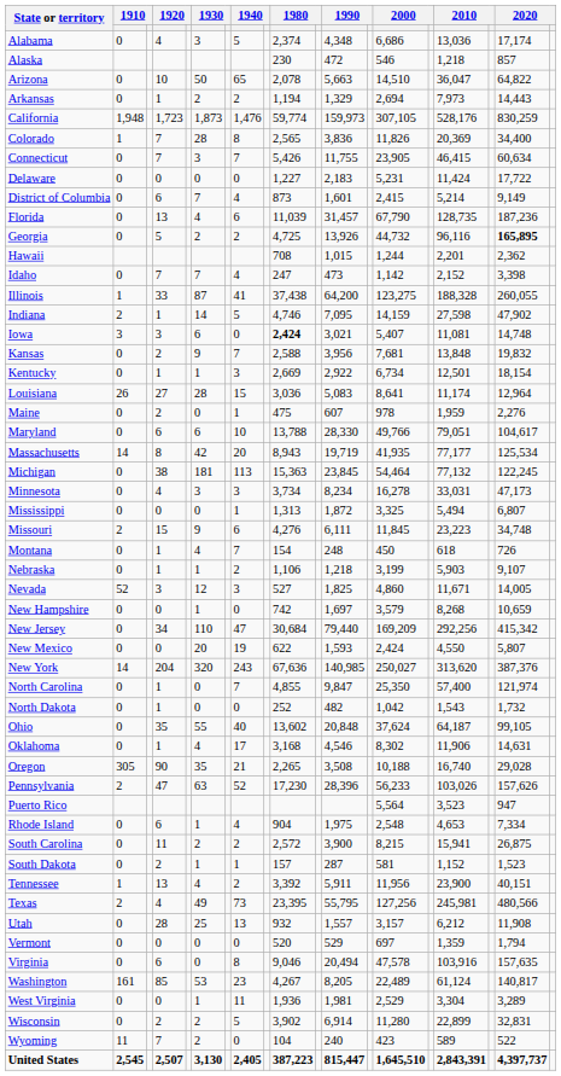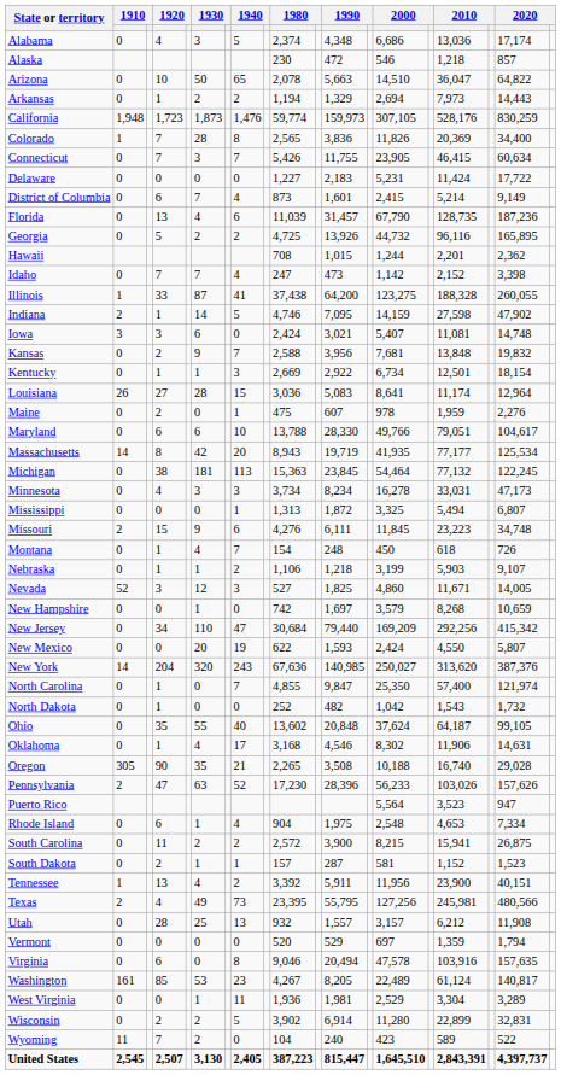 <table class="wikitable collapsible sortable">
 <tr>
 <th rowspan="2"><a href='#'>State</a> or <a href='#'>territory</a></th>
 <th colspan="2"><a href='#'>1910</a></th>
 <th colspan="2"><a href='#'>1920</a></th>
 <th colspan="2"><a href='#'>1930</a></th>
 <th colspan="2"><a href='#'>1940</a></th>
 <th colspan="2"><a href='#'>1980</a></th>
 <th colspan="2"><a href='#'>1990</a></th>
 <th colspan="2"><a href='#'>2000</a></th>
 <th colspan="2"><a href='#'>2010</a></th>
 <th colspan="2"><a href='#'>2020</a></th>
 </tr>
 <tr>
 <th><a href='#'></a></th>
 <th></th>
 <th><a href='#'></a></th>
 <th></th>
 <th><a href='#'></a></th>
 <th></th>
 <th><a href='#'></a></th>
 <th></th>
 <th><a href='#'></a></th>
 <th></th>
 <th><a href='#'></a></th>
 <th></th>
 <th><a href='#'></a></th>
 <th></th>
 <th><a href='#'></a></th>
 <th></th>
 <th><a href='#'></a></th>
 <th></th>
 </tr>
 <tr>
 <td> <a href='#'>Alabama</a></td>
 <td>0</td>
 <td></td>
 <td>4</td>
 <td></td>
 <td>3</td>
 <td></td>
 <td>5</td>
 <td></td>
 <td>2,374</td>
 <td></td>
 <td>4,348</td>
 <td></td>
 <td>6,686</td>
 <td></td>
 <td>13,036</td>
 <td></td>
 <td>17,174</td>
 <td></td>
 </tr>
 <tr>
 <td> <a href='#'>Alaska</a></td>
 <td></td>
 <td></td>
 <td></td>
 <td></td>
 <td></td>
 <td></td>
 <td></td>
 <td></td>
 <td>230</td>
 <td></td>
 <td>472</td>
 <td></td>
 <td>546</td>
 <td></td>
 <td>1,218</td>
 <td></td>
 <td>857</td>
 <td></td>
 </tr>
 <tr>
 <td> <a href='#'>Arizona</a></td>
 <td>0</td>
 <td></td>
 <td>10</td>
 <td></td>
 <td>50</td>
 <td></td>
 <td>65</td>
 <td></td>
 <td>2,078</td>
 <td></td>
 <td>5,663</td>
 <td></td>
 <td>14,510</td>
 <td></td>
 <td>36,047</td>
 <td></td>
 <td>64,822</td>
 <td></td>
 </tr>
 <tr>
 <td> <a href='#'>Arkansas</a></td>
 <td>0</td>
 <td></td>
 <td>1</td>
 <td></td>
 <td>2</td>
 <td></td>
 <td>2</td>
 <td></td>
 <td>1,194</td>
 <td></td>
 <td>1,329</td>
 <td></td>
 <td>2,694</td>
 <td></td>
 <td>7,973</td>
 <td></td>
 <td>14,443</td>
 <td></td>
 </tr>
 <tr>
 <td> <a href='#'>California</a></td>
 <td>1,948</td>
 <td></td>
 <td>1,723</td>
 <td></td>
 <td>1,873</td>
 <td></td>
 <td>1,476</td>
 <td></td>
 <td>59,774</td>
 <td></td>
 <td>159,973</td>
 <td></td>
 <td>307,105</td>
 <td></td>
 <td>528,176</td>
 <td></td>
 <td>830,259</td>
 <td></td>
 </tr>
 <tr>
 <td> <a href='#'>Colorado</a></td>
 <td>1</td>
 <td></td>
 <td>7</td>
 <td></td>
 <td>28</td>
 <td></td>
 <td>8</td>
 <td></td>
 <td>2,565</td>
 <td></td>
 <td>3,836</td>
 <td></td>
 <td>11,826</td>
 <td></td>
 <td>20,369</td>
 <td></td>
 <td>34,400</td>
 <td></td>
 </tr>
 <tr>
 <td> <a href='#'>Connecticut</a></td>
 <td>0</td>
 <td></td>
 <td>7</td>
 <td></td>
 <td>3</td>
 <td></td>
 <td>7</td>
 <td></td>
 <td>5,426</td>
 <td></td>
 <td>11,755</td>
 <td></td>
 <td>23,905</td>
 <td></td>
 <td>46,415</td>
 <td></td>
 <td>60,634</td>
 <td></td>
 </tr>
 <tr>
 <td> <a href='#'>Delaware</a></td>
 <td>0</td>
 <td></td>
 <td>0</td>
 <td></td>
 <td>0</td>
 <td></td>
 <td>0</td>
 <td></td>
 <td>1,227</td>
 <td></td>
 <td>2,183</td>
 <td></td>
 <td>5,231</td>
 <td></td>
 <td>11,424</td>
 <td></td>
 <td>17,722</td>
 <td></td>
 </tr>
 <tr>
 <td> <a href='#'>District of Columbia</a></td>
 <td>0</td>
 <td></td>
 <td>6</td>
 <td></td>
 <td>7</td>
 <td></td>
 <td>4</td>
 <td></td>
 <td>873</td>
 <td></td>
 <td>1,601</td>
 <td></td>
 <td>2,415</td>
 <td></td>
 <td>5,214</td>
 <td></td>
 <td>9,149</td>
 <td></td>
 </tr>
 <tr>
 <td> <a href='#'>Florida</a></td>
 <td>0</td>
 <td></td>
 <td>13</td>
 <td></td>
 <td>4</td>
 <td></td>
 <td>6</td>
 <td></td>
 <td>11,039</td>
 <td></td>
 <td>31,457</td>
 <td></td>
 <td>67,790</td>
 <td></td>
 <td>128,735</td>
 <td></td>
 <td>187,236</td>
 <td></td>
 </tr>
 <tr>
 <td> <a href='#'>Georgia</a></td>
 <td>0</td>
 <td></td>
 <td>5</td>
 <td></td>
 <td>2</td>
 <td></td>
 <td>2</td>
 <td></td>
 <td>4,725</td>
 <td></td>
 <td>13,926</td>
 <td></td>
 <td>44,732</td>
 <td></td>
 <td>96,116</td>
 <td></td>
-<td><strong>165,895</strong></td>
+<td>165,895</td>
 <td></td>
 </tr>
 <tr>
 <td> <a href='#'>Hawaii</a></td>
 <td></td>
 <td></td>
 <td></td>
 <td></td>
 <td></td>
 <td></td>
 <td></td>
 <td></td>
 <td>708</td>
 <td></td>
 <td>1,015</td>
 <td></td>
 <td>1,244</td>
 <td></td>
 <td>2,201</td>
 <td></td>
 <td>2,362</td>
 <td></td>
 </tr>
 <tr>
 <td> <a href='#'>Idaho</a></td>
 <td>0</td>
 <td></td>
 <td>7</td>
 <td></td>
 <td>7</td>
 <td></td>
 <td>4</td>
 <td></td>
 <td>247</td>
 <td></td>
 <td>473</td>
 <td></td>
 <td>1,142</td>
 <td></td>
 <td>2,152</td>
 <td></td>
 <td>3,398</td>
 <td></td>
 </tr>
 <tr>
 <td> <a href='#'>Illinois</a></td>
 <td>1</td>
 <td></td>
 <td>33</td>
 <td></td>
 <td>87</td>
 <td></td>
 <td>41</td>
 <td></td>
 <td>37,438</td>
 <td></td>
 <td>64,200</td>
 <td></td>
 <td>123,275</td>
 <td></td>
 <td>188,328</td>
 <td></td>
 <td>260,055</td>
 <td></td>
 </tr>
 <tr>
 <td> <a href='#'>Indiana</a></td>
 <td>2</td>
 <td></td>
 <td>1</td>
 <td></td>
 <td>14</td>
 <td></td>
 <td>5</td>
 <td></td>
 <td>4,746</td>
 <td></td>
 <td>7,095</td>
 <td></td>
 <td>14,159</td>
 <td></td>
 <td>27,598</td>
 <td></td>
 <td>47,902</td>
 <td></td>
 </tr>
 <tr>
 <td> <a href='#'>Iowa</a></td>
 <td>3</td>
 <td></td>
 <td>3</td>
 <td></td>
 <td>6</td>
 <td></td>
 <td>0</td>
 <td></td>
-<td><strong>2,424</strong></td>
+<td>2,424</td>
 <td></td>
 <td>3,021</td>
 <td></td>
 <td>5,407</td>
 <td></td>
 <td>11,081</td>
 <td></td>
 <td>14,748</td>
 <td></td>
 </tr>
 <tr>
 <td> <a href='#'>Kansas</a></td>
 <td>0</td>
 <td></td>
 <td>2</td>
 <td></td>
 <td>9</td>
 <td></td>
 <td>7</td>
 <td></td>
 <td>2,588</td>
 <td></td>
 <td>3,956</td>
 <td></td>
 <td>7,681</td>
 <td></td>
 <td>13,848</td>
 <td></td>
 <td>19,832</td>
 <td></td>
 </tr>
 <tr>
 <td> <a href='#'>Kentucky</a></td>
 <td>0</td>
 <td></td>
 <td>1</td>
 <td></td>
 <td>1</td>
 <td></td>
 <td>3</td>
 <td></td>
 <td>2,669</td>
 <td></td>
 <td>2,922</td>
 <td></td>
 <td>6,734</td>
 <td></td>
 <td>12,501</td>
 <td></td>
 <td>18,154</td>
 <td></td>
 </tr>
 <tr>
 <td> <a href='#'>Louisiana</a></td>
 <td>26</td>
 <td></td>
 <td>27</td>
 <td></td>
 <td>28</td>
 <td></td>
 <td>15</td>
 <td></td>
 <td>3,036</td>
 <td></td>
 <td>5,083</td>
 <td></td>
 <td>8,641</td>
 <td></td>
 <td>11,174</td>
 <td></td>
 <td>12,964</td>
 <td></td>
 </tr>
 <tr>
 <td> <a href='#'>Maine</a></td>
 <td>0</td>
 <td></td>
 <td>2</td>
 <td></td>
 <td>0</td>
 <td></td>
 <td>1</td>
 <td></td>
 <td>475</td>
 <td></td>
 <td>607</td>
 <td></td>
 <td>978</td>
 <td></td>
 <td>1,959</td>
 <td></td>
 <td>2,276</td>
 <td></td>
 </tr>
 <tr>
 <td> <a href='#'>Maryland</a></td>
 <td>0</td>
 <td></td>
 <td>6</td>
 <td></td>
 <td>6</td>
 <td></td>
 <td>10</td>
 <td></td>
 <td>13,788</td>
 <td></td>
 <td>28,330</td>
 <td></td>
 <td>49,766</td>
 <td></td>
 <td>79,051</td>
 <td></td>
 <td>104,617</td>
 <td></td>
 </tr>
 <tr>
 <td> <a href='#'>Massachusetts</a></td>
 <td>14</td>
 <td></td>
 <td>8</td>
 <td></td>
 <td>42</td>
 <td></td>
 <td>20</td>
 <td></td>
 <td>8,943</td>
 <td></td>
 <td>19,719</td>
 <td></td>
 <td>41,935</td>
 <td></td>
 <td>77,177</td>
 <td></td>
 <td>125,534</td>
 <td></td>
 </tr>
 <tr>
 <td> <a href='#'>Michigan</a></td>
 <td>0</td>
 <td></td>
 <td>38</td>
 <td></td>
 <td>181</td>
 <td></td>
 <td>113</td>
 <td></td>
 <td>15,363</td>
 <td></td>
 <td>23,845</td>
 <td></td>
 <td>54,464</td>
 <td></td>
 <td>77,132</td>
 <td></td>
 <td>122,245</td>
 <td></td>
 </tr>
 <tr>
 <td> <a href='#'>Minnesota</a></td>
 <td>0</td>
 <td></td>
 <td>4</td>
 <td></td>
 <td>3</td>
 <td></td>
 <td>3</td>
 <td></td>
 <td>3,734</td>
 <td></td>
 <td>8,234</td>
 <td></td>
 <td>16,278</td>
 <td></td>
 <td>33,031</td>
 <td></td>
 <td>47,173</td>
 <td></td>
 </tr>
 <tr>
 <td> <a href='#'>Mississippi</a></td>
 <td>0</td>
 <td></td>
 <td>0</td>
 <td></td>
 <td>0</td>
 <td></td>
 <td>1</td>
 <td></td>
 <td>1,313</td>
 <td></td>
 <td>1,872</td>
 <td></td>
 <td>3,325</td>
 <td></td>
 <td>5,494</td>
 <td></td>
 <td>6,807</td>
 <td></td>
 </tr>
 <tr>
 <td> <a href='#'>Missouri</a></td>
 <td>2</td>
 <td></td>
 <td>15</td>
 <td></td>
 <td>9</td>
 <td></td>
 <td>6</td>
 <td></td>
 <td>4,276</td>
 <td></td>
 <td>6,111</td>
 <td></td>
 <td>11,845</td>
 <td></td>
 <td>23,223</td>
 <td></td>
 <td>34,748</td>
 <td></td>
 </tr>
 <tr>
 <td> <a href='#'>Montana</a></td>
 <td>0</td>
 <td></td>
 <td>1</td>
 <td></td>
 <td>4</td>
 <td></td>
 <td>7</td>
 <td></td>
 <td>154</td>
 <td></td>
 <td>248</td>
 <td></td>
 <td>450</td>
 <td></td>
 <td>618</td>
 <td></td>
 <td>726</td>
 <td></td>
 </tr>
 <tr>
 <td> <a href='#'>Nebraska</a></td>
 <td>0</td>
 <td></td>
 <td>1</td>
 <td></td>
 <td>1</td>
 <td></td>
 <td>2</td>
 <td></td>
 <td>1,106</td>
 <td></td>
 <td>1,218</td>
 <td></td>
 <td>3,199</td>
 <td></td>
 <td>5,903</td>
 <td></td>
 <td>9,107</td>
 <td></td>
 </tr>
 <tr>
 <td> <a href='#'>Nevada</a></td>
 <td>52</td>
 <td></td>
 <td>3</td>
 <td></td>
 <td>12</td>
 <td></td>
 <td>3</td>
 <td></td>
 <td>527</td>
 <td></td>
 <td>1,825</td>
 <td></td>
 <td>4,860</td>
 <td></td>
 <td>11,671</td>
 <td></td>
 <td>14,005</td>
 <td></td>
 </tr>
 <tr>
 <td> <a href='#'>New Hampshire</a></td>
 <td>0</td>
 <td></td>
 <td>0</td>
 <td></td>
 <td>1</td>
 <td></td>
 <td>0</td>
 <td></td>
 <td>742</td>
 <td></td>
 <td>1,697</td>
 <td></td>
 <td>3,579</td>
 <td></td>
 <td>8,268</td>
 <td></td>
 <td>10,659</td>
 <td></td>
 </tr>
 <tr>
 <td> <a href='#'>New Jersey</a></td>
 <td>0</td>
 <td></td>
 <td>34</td>
 <td></td>
 <td>110</td>
 <td></td>
 <td>47</td>
 <td></td>
 <td>30,684</td>
 <td></td>
 <td>79,440</td>
 <td></td>
 <td>169,209</td>
 <td></td>
 <td>292,256</td>
 <td></td>
 <td>415,342</td>
 <td></td>
 </tr>
 <tr>
 <td> <a href='#'>New Mexico</a></td>
 <td>0</td>
 <td></td>
 <td>0</td>
 <td></td>
 <td>20</td>
 <td></td>
 <td>19</td>
 <td></td>
 <td>622</td>
 <td></td>
 <td>1,593</td>
 <td></td>
 <td>2,424</td>
 <td></td>
 <td>4,550</td>
 <td></td>
 <td>5,807</td>
 <td></td>
 </tr>
 <tr>
 <td> <a href='#'>New York</a></td>
 <td>14</td>
 <td></td>
 <td>204</td>
 <td></td>
 <td>320</td>
 <td></td>
 <td>243</td>
 <td></td>
 <td>67,636</td>
 <td></td>
 <td>140,985</td>
 <td></td>
 <td>250,027</td>
 <td></td>
 <td>313,620</td>
 <td></td>
 <td>387,376</td>
 <td></td>
 </tr>
 <tr>
 <td> <a href='#'>North Carolina</a></td>
 <td>0</td>
 <td></td>
 <td>1</td>
 <td></td>
 <td>0</td>
 <td></td>
 <td>7</td>
 <td></td>
 <td>4,855</td>
 <td></td>
 <td>9,847</td>
 <td></td>
 <td>25,350</td>
 <td></td>
 <td>57,400</td>
 <td></td>
 <td>121,974</td>
 <td></td>
 </tr>
 <tr>
 <td> <a href='#'>North Dakota</a></td>
 <td>0</td>
 <td></td>
 <td>1</td>
 <td></td>
 <td>0</td>
 <td></td>
 <td>0</td>
 <td></td>
 <td>252</td>
 <td></td>
 <td>482</td>
 <td></td>
 <td>1,042</td>
 <td></td>
 <td>1,543</td>
 <td></td>
 <td>1,732</td>
 <td></td>
 </tr>
 <tr>
 <td> <a href='#'>Ohio</a></td>
 <td>0</td>
 <td></td>
 <td>35</td>
 <td></td>
 <td>55</td>
 <td></td>
 <td>40</td>
 <td></td>
 <td>13,602</td>
 <td></td>
 <td>20,848</td>
 <td></td>
 <td>37,624</td>
 <td></td>
 <td>64,187</td>
 <td></td>
 <td>99,105</td>
 <td></td>
 </tr>
 <tr>
 <td> <a href='#'>Oklahoma</a></td>
 <td>0</td>
 <td></td>
 <td>1</td>
 <td></td>
 <td>4</td>
 <td></td>
 <td>17</td>
 <td></td>
 <td>3,168</td>
 <td></td>
 <td>4,546</td>
 <td></td>
 <td>8,302</td>
 <td></td>
 <td>11,906</td>
 <td></td>
 <td>14,631</td>
 <td></td>
 </tr>
 <tr>
 <td> <a href='#'>Oregon</a></td>
 <td>305</td>
 <td></td>
 <td>90</td>
 <td></td>
 <td>35</td>
 <td></td>
 <td>21</td>
 <td></td>
 <td>2,265</td>
 <td></td>
 <td>3,508</td>
 <td></td>
 <td>10,188</td>
 <td></td>
 <td>16,740</td>
 <td></td>
 <td>29,028</td>
 <td></td>
 </tr>
 <tr>
 <td> <a href='#'>Pennsylvania</a></td>
 <td>2</td>
 <td></td>
 <td>47</td>
 <td></td>
 <td>63</td>
 <td></td>
 <td>52</td>
 <td></td>
 <td>17,230</td>
 <td></td>
 <td>28,396</td>
 <td></td>
 <td>56,233</td>
 <td></td>
 <td>103,026</td>
 <td></td>
 <td>157,626</td>
 <td></td>
 </tr>
 <tr>
 <td> <a href='#'>Puerto Rico</a></td>
 <td></td>
 <td></td>
 <td></td>
 <td></td>
 <td></td>
 <td></td>
 <td></td>
 <td></td>
 <td></td>
 <td></td>
 <td></td>
 <td></td>
 <td>5,564</td>
 <td></td>
 <td>3,523</td>
 <td></td>
 <td>947</td>
 <td></td>
 </tr>
 <tr>
 <td> <a href='#'>Rhode Island</a></td>
 <td>0</td>
 <td></td>
 <td>6</td>
 <td></td>
 <td>1</td>
 <td></td>
 <td>4</td>
 <td></td>
 <td>904</td>
 <td></td>
 <td>1,975</td>
 <td></td>
 <td>2,548</td>
 <td></td>
 <td>4,653</td>
 <td></td>
 <td>7,334</td>
 <td></td>
 </tr>
 <tr>
 <td> <a href='#'>South Carolina</a></td>
 <td>0</td>
 <td></td>
 <td>11</td>
 <td></td>
 <td>2</td>
 <td></td>
 <td>2</td>
 <td></td>
 <td>2,572</td>
 <td></td>
 <td>3,900</td>
 <td></td>
 <td>8,215</td>
 <td></td>
 <td>15,941</td>
 <td></td>
 <td>26,875</td>
 <td></td>
 </tr>
 <tr>
 <td> <a href='#'>South Dakota</a></td>
 <td>0</td>
 <td></td>
 <td>2</td>
 <td></td>
 <td>1</td>
 <td></td>
 <td>1</td>
 <td></td>
 <td>157</td>
 <td></td>
 <td>287</td>
 <td></td>
 <td>581</td>
 <td></td>
 <td>1,152</td>
 <td></td>
 <td>1,523</td>
 <td></td>
 </tr>
 <tr>
 <td> <a href='#'>Tennessee</a></td>
 <td>1</td>
 <td></td>
 <td>13</td>
 <td></td>
 <td>4</td>
 <td></td>
 <td>2</td>
 <td></td>
 <td>3,392</td>
 <td></td>
 <td>5,911</td>
 <td></td>
 <td>11,956</td>
 <td></td>
 <td>23,900</td>
 <td></td>
 <td>40,151</td>
 <td></td>
 </tr>
 <tr>
 <td> <a href='#'>Texas</a></td>
 <td>2</td>
 <td></td>
 <td>4</td>
 <td></td>
 <td>49</td>
 <td></td>
 <td>73</td>
 <td></td>
 <td>23,395</td>
 <td></td>
 <td>55,795</td>
 <td></td>
 <td>127,256</td>
 <td></td>
 <td>245,981</td>
 <td></td>
 <td>480,566</td>
 <td></td>
 </tr>
 <tr>
 <td> <a href='#'>Utah</a></td>
 <td>0</td>
 <td></td>
 <td>28</td>
 <td></td>
 <td>25</td>
 <td></td>
 <td>13</td>
 <td></td>
 <td>932</td>
 <td></td>
 <td>1,557</td>
 <td></td>
 <td>3,157</td>
 <td></td>
 <td>6,212</td>
 <td></td>
 <td>11,908</td>
 <td></td>
 </tr>
 <tr>
 <td> <a href='#'>Vermont</a></td>
 <td>0</td>
 <td></td>
 <td>0</td>
 <td></td>
 <td>0</td>
 <td></td>
 <td>0</td>
 <td></td>
 <td>520</td>
 <td></td>
 <td>529</td>
 <td></td>
 <td>697</td>
 <td></td>
 <td>1,359</td>
 <td></td>
 <td>1,794</td>
 <td></td>
 </tr>
 <tr>
 <td> <a href='#'>Virginia</a></td>
 <td>0</td>
 <td></td>
 <td>6</td>
 <td></td>
 <td>0</td>
 <td></td>
 <td>8</td>
 <td></td>
 <td>9,046</td>
 <td></td>
 <td>20,494</td>
 <td></td>
 <td>47,578</td>
 <td></td>
 <td>103,916</td>
 <td></td>
 <td>157,635</td>
 <td></td>
 </tr>
 <tr>
 <td> <a href='#'>Washington</a></td>
 <td>161</td>
 <td></td>
 <td>85</td>
 <td></td>
 <td>53</td>
 <td></td>
 <td>23</td>
 <td></td>
 <td>4,267</td>
 <td></td>
 <td>8,205</td>
 <td></td>
 <td>22,489</td>
 <td></td>
 <td>61,124</td>
 <td></td>
 <td>140,817</td>
 <td></td>
 </tr>
 <tr>
 <td> <a href='#'>West Virginia</a></td>
 <td>0</td>
 <td></td>
 <td>0</td>
 <td></td>
 <td>1</td>
 <td></td>
 <td>11</td>
 <td></td>
 <td>1,936</td>
 <td></td>
 <td>1,981</td>
 <td></td>
 <td>2,529</td>
 <td></td>
 <td>3,304</td>
 <td></td>
 <td>3,289</td>
 <td></td>
 </tr>
 <tr>
 <td> <a href='#'>Wisconsin</a></td>
 <td>0</td>
 <td></td>
 <td>2</td>
 <td></td>
 <td>2</td>
 <td></td>
 <td>5</td>
 <td></td>
 <td>3,902</td>
 <td></td>
 <td>6,914</td>
 <td></td>
 <td>11,280</td>
 <td></td>
 <td>22,899</td>
 <td></td>
 <td>32,831</td>
 <td></td>
 </tr>
 <tr>
 <td> <a href='#'>Wyoming</a></td>
 <td>11</td>
 <td></td>
 <td>7</td>
 <td></td>
 <td>2</td>
 <td></td>
 <td>0</td>
 <td></td>
 <td>104</td>
 <td></td>
 <td>240</td>
 <td></td>
 <td>423</td>
 <td></td>
 <td>589</td>
 <td></td>
 <td>522</td>
 <td></td>
 </tr>
 <tr>
 <td> <strong>United States</strong></td>
 <td><strong>2,545</strong></td>
 <td><strong></strong></td>
 <td><strong>2,507</strong></td>
 <td><strong></strong></td>
 <td><strong>3,130</strong></td>
 <td><strong></strong></td>
 <td><strong>2,405</strong></td>
 <td><strong></strong></td>
 <td><strong>387,223</strong></td>
 <td><strong></strong></td>
 <td><strong>815,447</strong></td>
 <td><strong></strong></td>
 <td><strong>1,645,510</strong></td>
 <td><strong></strong></td>
 <td><strong>2,843,391</strong></td>
 <td><strong></strong></td>
 <td><strong>4,397,737</strong></td>
 <td><strong></strong></td>
 </tr>
 </table>
